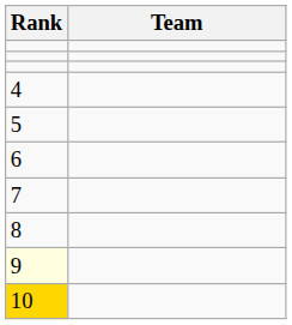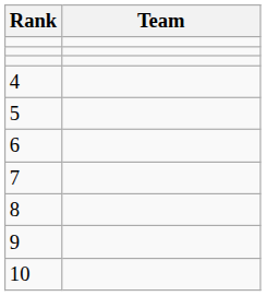 <table class="wikitable">
 <tr>
 <th width=30>Rank</th>
 <th width=150>Team</th>
 </tr>
 <tr>
 <td></td>
 <td></td>
 </tr>
 <tr>
 <td></td>
 <td></td>
 </tr>
 <tr>
 <td></td>
 <td></td>
 </tr>
 <tr>
 <td>4</td>
 <td></td>
 </tr>
 <tr>
 <td>5</td>
 <td></td>
 </tr>
 <tr>
 <td>6</td>
 <td></td>
 </tr>
 <tr>
 <td>7</td>
 <td></td>
 </tr>
 <tr>
 <td>8</td>
 <td></td>
 </tr>
 <tr>
-<td style="background: lightyellow;">9</td>
+<td>9</td>
 <td></td>
 </tr>
 <tr>
-<td style="background: gold;">10</td>
+<td>10</td>
 <td></td>
 </tr>
 </table>
